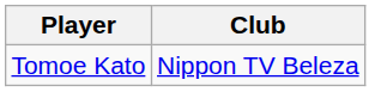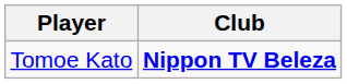 <table class="wikitable">
 <tr>
 <th>Player</th>
 <th>Club</th>
 </tr>
 <tr>
 <td> <a href='#'>Tomoe Kato</a></td>
-<td><a href='#'>Nippon TV Beleza</a></td>
+<td><strong><a href='#'>Nippon TV Beleza</a></strong></td>
 </tr>
 </table>
